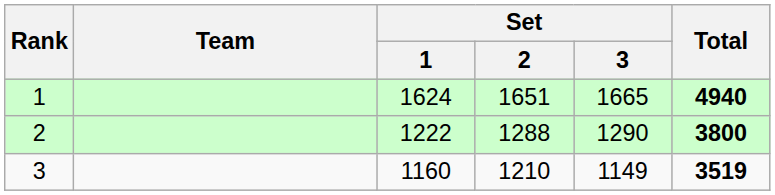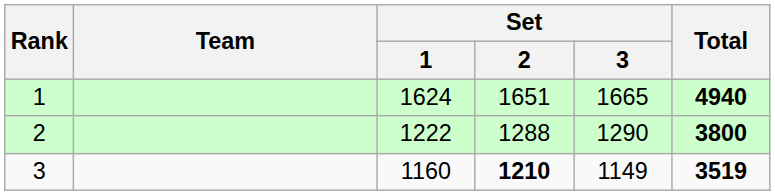 <table class=wikitable style="text-align:center">
 <tr>
 <th rowspan="2" width=40>Rank</th>
 <th rowspan="2" width=200>Team</th>
 <th colspan="3">Set</th>
 <th rowspan="2" width=60>Total</th>
 </tr>
 <tr>
 <th width=60>1</th>
 <th width=60>2</th>
 <th width=60>3</th>
 </tr>
 <tr bgcolor="ccffcc">
 <td>1</td>
 <td align=left></td>
 <td>1624</td>
 <td>1651</td>
 <td>1665</td>
 <td><strong>4940</strong></td>
 </tr>
 <tr bgcolor="ccffcc">
 <td>2</td>
 <td align=left></td>
 <td>1222</td>
 <td>1288</td>
 <td>1290</td>
 <td><strong>3800</strong></td>
 </tr>
 <tr>
 <td>3</td>
 <td align=left></td>
 <td>1160</td>
-<td>1210</td>
+<td><strong>1210</strong></td>
 <td>1149</td>
 <td><strong>3519</strong></td>
 </tr>
 </table>
